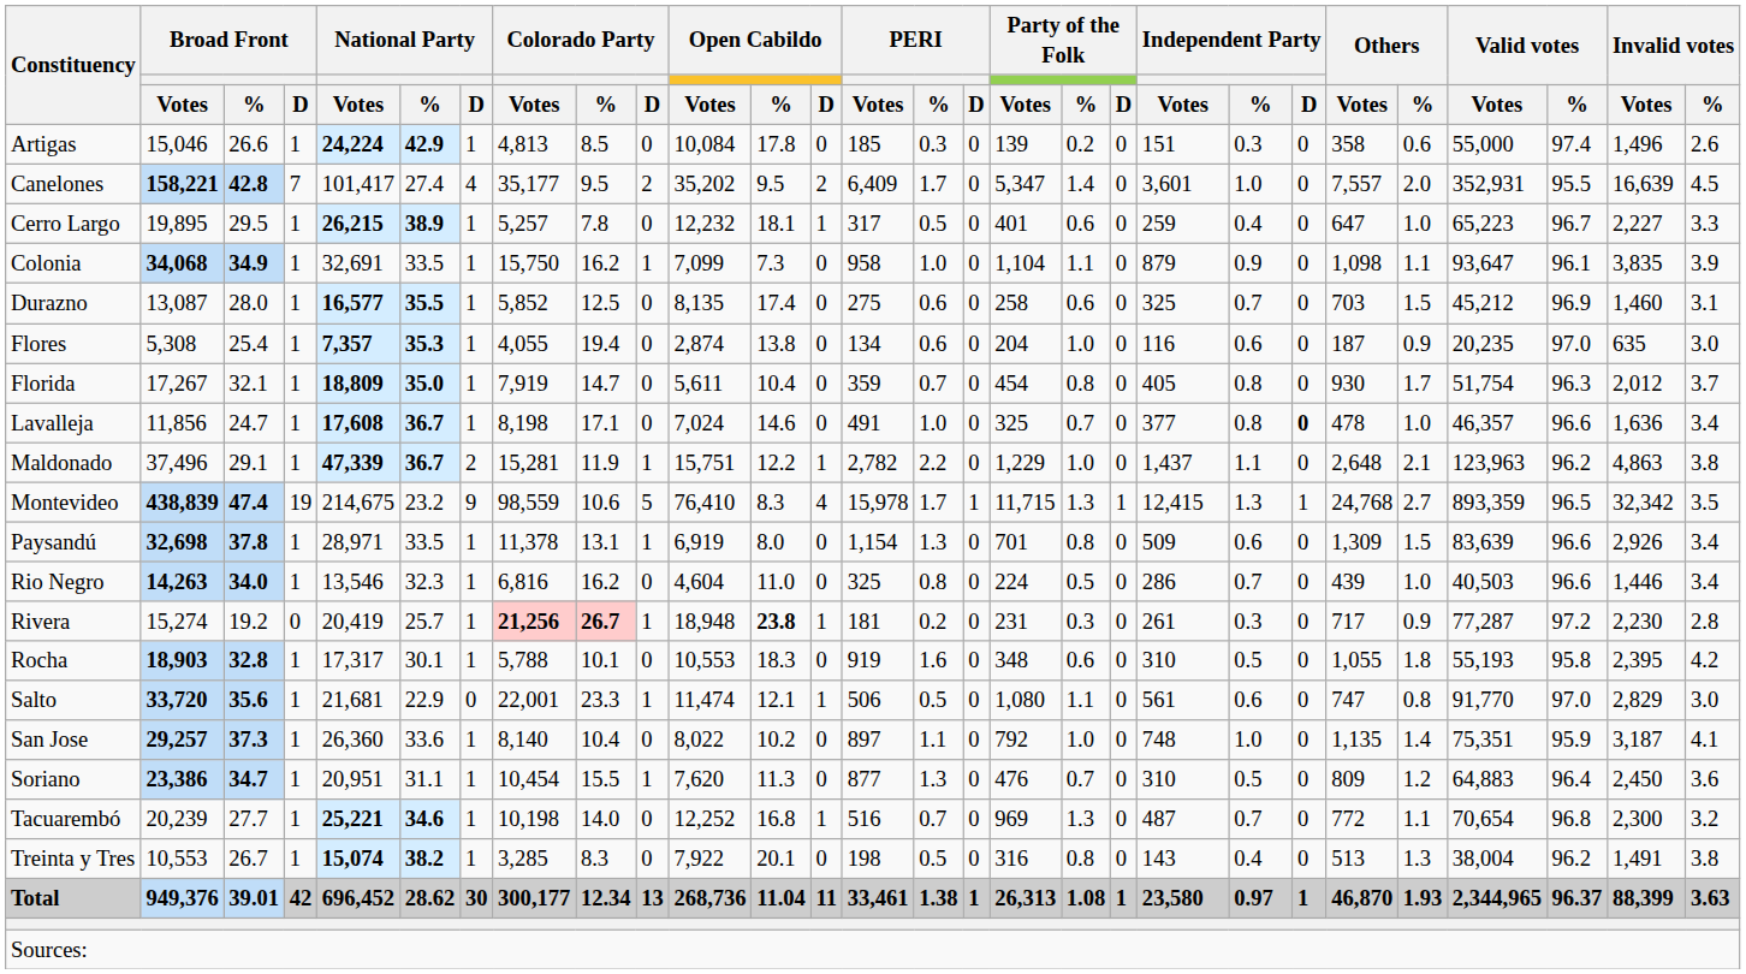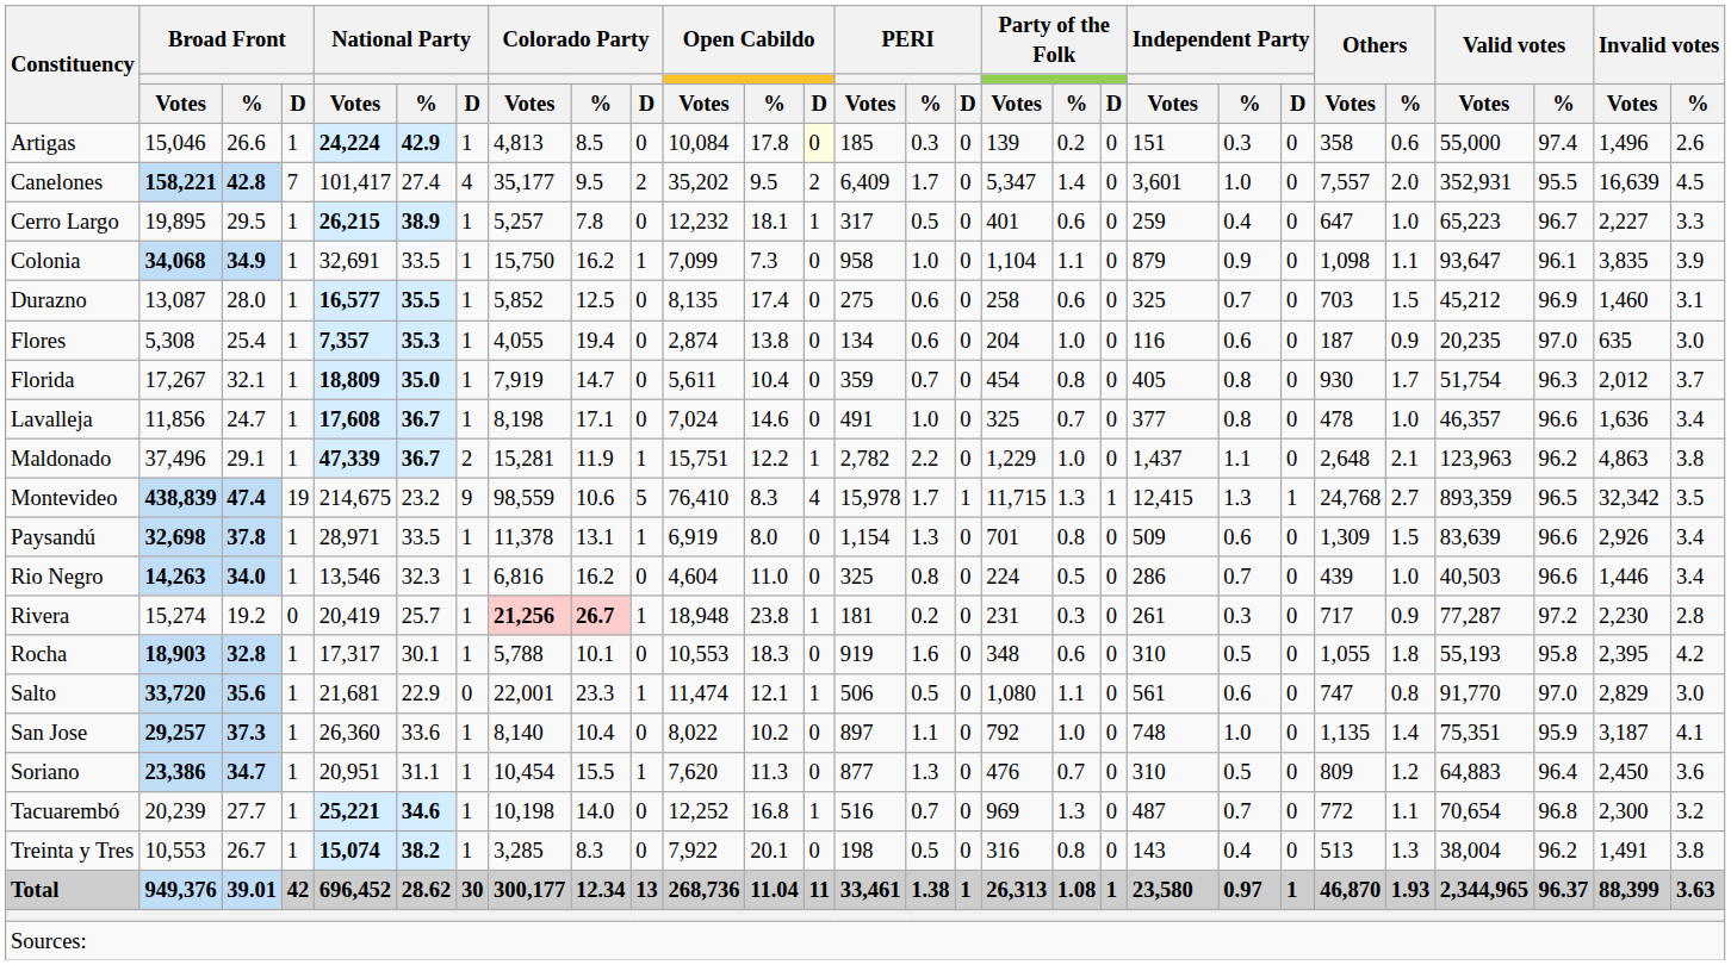 <table class="wikitable sortable collapsible collapsed tpl-blanktable" style="text-align:left; font-size:95%; line-height:20px;">
 <tr>
 <th rowspan="3">Constituency</th>
 <th colspan="3" width="30px" class="unsortable">Broad Front</th>
 <th colspan="3" width="30px" class="unsortable">National Party</th>
 <th colspan="3" width="30px" class="unsortable">Colorado Party</th>
 <th colspan="3" width="30px" class="unsortable">Open Cabildo</th>
 <th colspan="3" width="30px" class="unsortable">PERI</th>
 <th colspan="3" width="30px" class="unsortable">Party of the Folk</th>
 <th colspan="3">Independent Party</th>
 <th colspan="2" rowspan="2">Others</th>
 <th colspan="2" rowspan="2">Valid votes</th>
 <th colspan="2" rowspan="2">Invalid votes</th>
 </tr>
 <tr>
 <th colspan="3" style="background:"></th>
 <th colspan="3" style="background:"></th>
 <th colspan="3" style="background:"></th>
 <th colspan="3" style="background:#FBC22B"></th>
 <th colspan="3" style="background:"></th>
 <th colspan="3" style="background:#92D050"></th>
 <th colspan="3" style="background:"></th>
 </tr>
 <tr>
 <th data-sort-type="number">Votes</th>
 <th data-sort-type="number">%</th>
 <th>D</th>
 <th data-sort-type="number">Votes</th>
 <th data-sort-type="number">%</th>
 <th>D</th>
 <th data-sort-type="number">Votes</th>
 <th data-sort-type="number">%</th>
 <th>D</th>
 <th data-sort-type="number">Votes</th>
 <th data-sort-type="number">%</th>
 <th>D</th>
 <th data-sort-type="number">Votes</th>
 <th>%</th>
 <th data-sort-type="number">D</th>
 <th data-sort-type="number">Votes</th>
 <th>%</th>
 <th data-sort-type="number">D</th>
 <th>Votes</th>
 <th>%</th>
 <th>D</th>
 <th>Votes</th>
 <th>%</th>
 <th>Votes</th>
 <th>%</th>
 <th>Votes</th>
 <th>%</th>
 </tr>
 <tr>
 <td align="left">Artigas</td>
 <td>15,046</td>
 <td>26.6</td>
 <td>1</td>
 <td style="background:#D4EDFF;"><strong>24,224</strong></td>
 <td style="background:#D4EDFF;"><strong>42.9</strong></td>
 <td>1</td>
 <td>4,813</td>
 <td>8.5</td>
 <td>0</td>
 <td>10,084</td>
 <td>17.8</td>
-<td>0</td>
+<td style="background: lightyellow;">0</td>
 <td>185</td>
 <td>0.3</td>
 <td>0</td>
 <td>139</td>
 <td>0.2</td>
 <td>0</td>
 <td>151</td>
 <td>0.3</td>
 <td>0</td>
 <td>358</td>
 <td>0.6</td>
 <td>55,000</td>
 <td>97.4</td>
 <td>1,496</td>
 <td>2.6</td>
 </tr>
 <tr>
 <td align="left">Canelones</td>
 <td style="background:#C0DDF8;"><strong>158,221</strong></td>
 <td style="background:#C0DDF8;"><strong>42.8</strong></td>
 <td>7</td>
 <td>101,417</td>
 <td>27.4</td>
 <td>4</td>
 <td>35,177</td>
 <td>9.5</td>
 <td>2</td>
 <td>35,202</td>
 <td>9.5</td>
 <td>2</td>
 <td>6,409</td>
 <td>1.7</td>
 <td>0</td>
 <td>5,347</td>
 <td>1.4</td>
 <td>0</td>
 <td>3,601</td>
 <td>1.0</td>
 <td>0</td>
 <td>7,557</td>
 <td>2.0</td>
 <td>352,931</td>
 <td>95.5</td>
 <td>16,639</td>
 <td>4.5</td>
 </tr>
 <tr>
 <td align="left">Cerro Largo</td>
 <td>19,895</td>
 <td>29.5</td>
 <td>1</td>
 <td style="background:#D4EDFF;"><strong>26,215</strong></td>
 <td style="background:#D4EDFF;"><strong>38.9</strong></td>
 <td>1</td>
 <td>5,257</td>
 <td>7.8</td>
 <td>0</td>
 <td>12,232</td>
 <td>18.1</td>
 <td>1</td>
 <td>317</td>
 <td>0.5</td>
 <td>0</td>
 <td>401</td>
 <td>0.6</td>
 <td>0</td>
 <td>259</td>
 <td>0.4</td>
 <td>0</td>
 <td>647</td>
 <td>1.0</td>
 <td>65,223</td>
 <td>96.7</td>
 <td>2,227</td>
 <td>3.3</td>
 </tr>
 <tr>
 <td align="left">Colonia</td>
 <td style="background:#C0DDF8;"><strong>34,068</strong></td>
 <td style="background:#C0DDF8;"><strong>34.9</strong></td>
 <td>1</td>
 <td>32,691</td>
 <td>33.5</td>
 <td>1</td>
 <td>15,750</td>
 <td>16.2</td>
 <td>1</td>
 <td>7,099</td>
 <td>7.3</td>
 <td>0</td>
 <td>958</td>
 <td>1.0</td>
 <td>0</td>
 <td>1,104</td>
 <td>1.1</td>
 <td>0</td>
 <td>879</td>
 <td>0.9</td>
 <td>0</td>
 <td>1,098</td>
 <td>1.1</td>
 <td>93,647</td>
 <td>96.1</td>
 <td>3,835</td>
 <td>3.9</td>
 </tr>
 <tr>
 <td align="left">Durazno</td>
 <td>13,087</td>
 <td>28.0</td>
 <td>1</td>
 <td style="background:#D4EDFF;"><strong>16,577</strong></td>
 <td style="background:#D4EDFF;"><strong>35.5</strong></td>
 <td>1</td>
 <td>5,852</td>
 <td>12.5</td>
 <td>0</td>
 <td>8,135</td>
 <td>17.4</td>
 <td>0</td>
 <td>275</td>
 <td>0.6</td>
 <td>0</td>
 <td>258</td>
 <td>0.6</td>
 <td>0</td>
 <td>325</td>
 <td>0.7</td>
 <td>0</td>
 <td>703</td>
 <td>1.5</td>
 <td>45,212</td>
 <td>96.9</td>
 <td>1,460</td>
 <td>3.1</td>
 </tr>
 <tr>
 <td align="left">Flores</td>
 <td>5,308</td>
 <td>25.4</td>
 <td>1</td>
 <td style="background:#D4EDFF;"><strong>7,357</strong></td>
 <td style="background:#D4EDFF;"><strong>35.3</strong></td>
 <td>1</td>
 <td>4,055</td>
 <td>19.4</td>
 <td>0</td>
 <td>2,874</td>
 <td>13.8</td>
 <td>0</td>
 <td>134</td>
 <td>0.6</td>
 <td>0</td>
 <td>204</td>
 <td>1.0</td>
 <td>0</td>
 <td>116</td>
 <td>0.6</td>
 <td>0</td>
 <td>187</td>
 <td>0.9</td>
 <td>20,235</td>
 <td>97.0</td>
 <td>635</td>
 <td>3.0</td>
 </tr>
 <tr>
 <td align="left">Florida</td>
 <td>17,267</td>
 <td>32.1</td>
 <td>1</td>
 <td style="background:#D4EDFF;"><strong>18,809</strong></td>
 <td style="background:#D4EDFF;"><strong>35.0</strong></td>
 <td>1</td>
 <td>7,919</td>
 <td>14.7</td>
 <td>0</td>
 <td>5,611</td>
 <td>10.4</td>
 <td>0</td>
 <td>359</td>
 <td>0.7</td>
 <td>0</td>
 <td>454</td>
 <td>0.8</td>
 <td>0</td>
 <td>405</td>
 <td>0.8</td>
 <td>0</td>
 <td>930</td>
 <td>1.7</td>
 <td>51,754</td>
 <td>96.3</td>
 <td>2,012</td>
 <td>3.7</td>
 </tr>
 <tr>
 <td align="left">Lavalleja</td>
 <td>11,856</td>
 <td>24.7</td>
 <td>1</td>
 <td style="background:#D4EDFF;"><strong>17,608</strong></td>
 <td style="background:#D4EDFF;"><strong>36.7</strong></td>
 <td>1</td>
 <td>8,198</td>
 <td>17.1</td>
 <td>0</td>
 <td>7,024</td>
 <td>14.6</td>
 <td>0</td>
 <td>491</td>
 <td>1.0</td>
 <td>0</td>
 <td>325</td>
 <td>0.7</td>
 <td>0</td>
 <td>377</td>
 <td>0.8</td>
-<td><strong>0</strong></td>
+<td>0</td>
 <td>478</td>
 <td>1.0</td>
 <td>46,357</td>
 <td>96.6</td>
 <td>1,636</td>
 <td>3.4</td>
 </tr>
 <tr>
 <td align="left">Maldonado</td>
 <td>37,496</td>
 <td>29.1</td>
 <td>1</td>
 <td style="background:#D4EDFF;"><strong>47,339</strong></td>
 <td style="background:#D4EDFF;"><strong>36.7</strong></td>
 <td>2</td>
 <td>15,281</td>
 <td>11.9</td>
 <td>1</td>
 <td>15,751</td>
 <td>12.2</td>
 <td>1</td>
 <td>2,782</td>
 <td>2.2</td>
 <td>0</td>
 <td>1,229</td>
 <td>1.0</td>
 <td>0</td>
 <td>1,437</td>
 <td>1.1</td>
 <td>0</td>
 <td>2,648</td>
 <td>2.1</td>
 <td>123,963</td>
 <td>96.2</td>
 <td>4,863</td>
 <td>3.8</td>
 </tr>
 <tr>
 <td align="left">Montevideo</td>
 <td style="background:#C0DDF8;"><strong>438,839</strong></td>
 <td style="background:#C0DDF8;"><strong>47.4</strong></td>
 <td>19</td>
 <td>214,675</td>
 <td>23.2</td>
 <td>9</td>
 <td>98,559</td>
 <td>10.6</td>
 <td>5</td>
 <td>76,410</td>
 <td>8.3</td>
 <td>4</td>
 <td>15,978</td>
 <td>1.7</td>
 <td>1</td>
 <td>11,715</td>
 <td>1.3</td>
 <td>1</td>
 <td>12,415</td>
 <td>1.3</td>
 <td>1</td>
 <td>24,768</td>
 <td>2.7</td>
 <td>893,359</td>
 <td>96.5</td>
 <td>32,342</td>
 <td>3.5</td>
 </tr>
 <tr>
 <td align="left">Paysandú</td>
 <td style="background:#C0DDF8;"><strong>32,698</strong></td>
 <td style="background:#C0DDF8;"><strong>37.8</strong></td>
 <td>1</td>
 <td>28,971</td>
 <td>33.5</td>
 <td>1</td>
 <td>11,378</td>
 <td>13.1</td>
 <td>1</td>
 <td>6,919</td>
 <td>8.0</td>
 <td>0</td>
 <td>1,154</td>
 <td>1.3</td>
 <td>0</td>
 <td>701</td>
 <td>0.8</td>
 <td>0</td>
 <td>509</td>
 <td>0.6</td>
 <td>0</td>
 <td>1,309</td>
 <td>1.5</td>
 <td>83,639</td>
 <td>96.6</td>
 <td>2,926</td>
 <td>3.4</td>
 </tr>
 <tr>
 <td align="left">Rio Negro</td>
 <td style="background:#C0DDF8;"><strong>14,263</strong></td>
 <td style="background:#C0DDF8;"><strong>34.0</strong></td>
 <td>1</td>
 <td>13,546</td>
 <td>32.3</td>
 <td>1</td>
 <td>6,816</td>
 <td>16.2</td>
 <td>0</td>
 <td>4,604</td>
 <td>11.0</td>
 <td>0</td>
 <td>325</td>
 <td>0.8</td>
 <td>0</td>
 <td>224</td>
 <td>0.5</td>
 <td>0</td>
 <td>286</td>
 <td>0.7</td>
 <td>0</td>
 <td>439</td>
 <td>1.0</td>
 <td>40,503</td>
 <td>96.6</td>
 <td>1,446</td>
 <td>3.4</td>
 </tr>
 <tr>
 <td align="left">Rivera</td>
 <td>15,274</td>
 <td>19.2</td>
 <td>0</td>
 <td>20,419</td>
 <td>25.7</td>
 <td>1</td>
 <td style="background:#FFCCCC;"><strong>21,256</strong></td>
 <td style="background:#FFCCCC;"><strong>26.7</strong></td>
 <td>1</td>
 <td>18,948</td>
-<td><strong>23.8</strong></td>
+<td>23.8</td>
 <td>1</td>
 <td>181</td>
 <td>0.2</td>
 <td>0</td>
 <td>231</td>
 <td>0.3</td>
 <td>0</td>
 <td>261</td>
 <td>0.3</td>
 <td>0</td>
 <td>717</td>
 <td>0.9</td>
 <td>77,287</td>
 <td>97.2</td>
 <td>2,230</td>
 <td>2.8</td>
 </tr>
 <tr>
 <td align="left">Rocha</td>
 <td style="background:#C0DDF8;"><strong>18,903</strong></td>
 <td style="background:#C0DDF8;"><strong>32.8</strong></td>
 <td>1</td>
 <td>17,317</td>
 <td>30.1</td>
 <td>1</td>
 <td>5,788</td>
 <td>10.1</td>
 <td>0</td>
 <td>10,553</td>
 <td>18.3</td>
 <td>0</td>
 <td>919</td>
 <td>1.6</td>
 <td>0</td>
 <td>348</td>
 <td>0.6</td>
 <td>0</td>
 <td>310</td>
 <td>0.5</td>
 <td>0</td>
 <td>1,055</td>
 <td>1.8</td>
 <td>55,193</td>
 <td>95.8</td>
 <td>2,395</td>
 <td>4.2</td>
 </tr>
 <tr>
 <td align="left">Salto</td>
 <td style="background:#C0DDF8;"><strong>33,720</strong></td>
 <td style="background:#C0DDF8;"><strong>35.6</strong></td>
 <td>1</td>
 <td>21,681</td>
 <td>22.9</td>
 <td>0</td>
 <td>22,001</td>
 <td>23.3</td>
 <td>1</td>
 <td>11,474</td>
 <td>12.1</td>
 <td>1</td>
 <td>506</td>
 <td>0.5</td>
 <td>0</td>
 <td>1,080</td>
 <td>1.1</td>
 <td>0</td>
 <td>561</td>
 <td>0.6</td>
 <td>0</td>
 <td>747</td>
 <td>0.8</td>
 <td>91,770</td>
 <td>97.0</td>
 <td>2,829</td>
 <td>3.0</td>
 </tr>
 <tr>
 <td align="left">San Jose</td>
 <td style="background:#C0DDF8;"><strong>29,257</strong></td>
 <td style="background:#C0DDF8;"><strong>37.3</strong></td>
 <td>1</td>
 <td>26,360</td>
 <td>33.6</td>
 <td>1</td>
 <td>8,140</td>
 <td>10.4</td>
 <td>0</td>
 <td>8,022</td>
 <td>10.2</td>
 <td>0</td>
 <td>897</td>
 <td>1.1</td>
 <td>0</td>
 <td>792</td>
 <td>1.0</td>
 <td>0</td>
 <td>748</td>
 <td>1.0</td>
 <td>0</td>
 <td>1,135</td>
 <td>1.4</td>
 <td>75,351</td>
 <td>95.9</td>
 <td>3,187</td>
 <td>4.1</td>
 </tr>
 <tr>
 <td align="left">Soriano</td>
 <td style="background:#C0DDF8;"><strong>23,386</strong></td>
 <td style="background:#C0DDF8;"><strong>34.7</strong></td>
 <td>1</td>
 <td>20,951</td>
 <td>31.1</td>
 <td>1</td>
 <td>10,454</td>
 <td>15.5</td>
 <td>1</td>
 <td>7,620</td>
 <td>11.3</td>
 <td>0</td>
 <td>877</td>
 <td>1.3</td>
 <td>0</td>
 <td>476</td>
 <td>0.7</td>
 <td>0</td>
 <td>310</td>
 <td>0.5</td>
 <td>0</td>
 <td>809</td>
 <td>1.2</td>
 <td>64,883</td>
 <td>96.4</td>
 <td>2,450</td>
 <td>3.6</td>
 </tr>
 <tr>
 <td align="left">Tacuarembó</td>
 <td>20,239</td>
 <td>27.7</td>
 <td>1</td>
 <td style="background:#D4EDFF;"><strong>25,221</strong></td>
 <td style="background:#D4EDFF;"><strong>34.6</strong></td>
 <td>1</td>
 <td>10,198</td>
 <td>14.0</td>
 <td>0</td>
 <td>12,252</td>
 <td>16.8</td>
 <td>1</td>
 <td>516</td>
 <td>0.7</td>
 <td>0</td>
 <td>969</td>
 <td>1.3</td>
 <td>0</td>
 <td>487</td>
 <td>0.7</td>
 <td>0</td>
 <td>772</td>
 <td>1.1</td>
 <td>70,654</td>
 <td>96.8</td>
 <td>2,300</td>
 <td>3.2</td>
 </tr>
 <tr>
 <td align="left">Treinta y Tres</td>
 <td>10,553</td>
 <td>26.7</td>
 <td>1</td>
 <td style="background:#D4EDFF;"><strong>15,074</strong></td>
 <td style="background:#D4EDFF;"><strong>38.2</strong></td>
 <td>1</td>
 <td>3,285</td>
 <td>8.3</td>
 <td>0</td>
 <td>7,922</td>
 <td>20.1</td>
 <td>0</td>
 <td>198</td>
 <td>0.5</td>
 <td>0</td>
 <td>316</td>
 <td>0.8</td>
 <td>0</td>
 <td>143</td>
 <td>0.4</td>
 <td>0</td>
 <td>513</td>
 <td>1.3</td>
 <td>38,004</td>
 <td>96.2</td>
 <td>1,491</td>
 <td>3.8</td>
 </tr>
 <tr style="background:#CDCDCD;">
 <td align="left"><strong>Total</strong></td>
 <td style="background:#C0DDF8;"><strong>949,376</strong></td>
 <td style="background:#C0DDF8;"><strong>39.01</strong></td>
 <td><strong>42</strong></td>
 <td><strong>696,452</strong></td>
 <td><strong>28.62</strong></td>
 <td><strong>30</strong></td>
 <td><strong>300,177</strong></td>
 <td><strong>12.34</strong></td>
 <td><strong>13</strong></td>
 <td><strong>268,736</strong></td>
 <td><strong>11.04</strong></td>
 <td><strong>11</strong></td>
 <td><strong>33,461</strong></td>
 <td><strong>1.38</strong></td>
 <td><strong>1</strong></td>
 <td><strong>26,313</strong></td>
 <td><strong>1.08</strong></td>
 <td><strong>1</strong></td>
 <td><strong>23,580</strong></td>
 <td><strong>0.97</strong></td>
 <td><strong>1</strong></td>
 <td><strong>46,870</strong></td>
 <td><strong>1.93</strong></td>
 <td><strong>2,344,965</strong></td>
 <td><strong>96.37</strong></td>
 <td><strong>88,399</strong></td>
 <td><strong>3.63</strong></td>
 </tr>
 <tr>
 <th colspan="28"></th>
 </tr>
 <tr>
 <th colspan="28" style="text-align:left; font-weight:normal; background:#F9F9F9">Sources: </th>
 </tr>
 </table>
